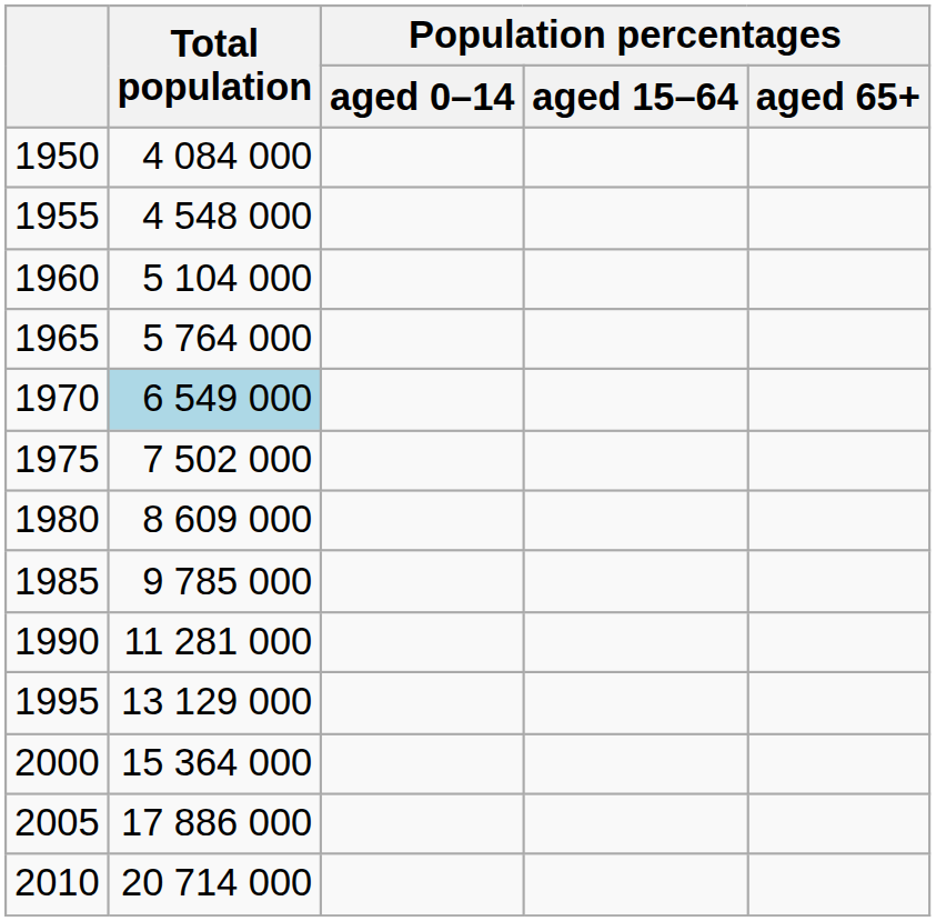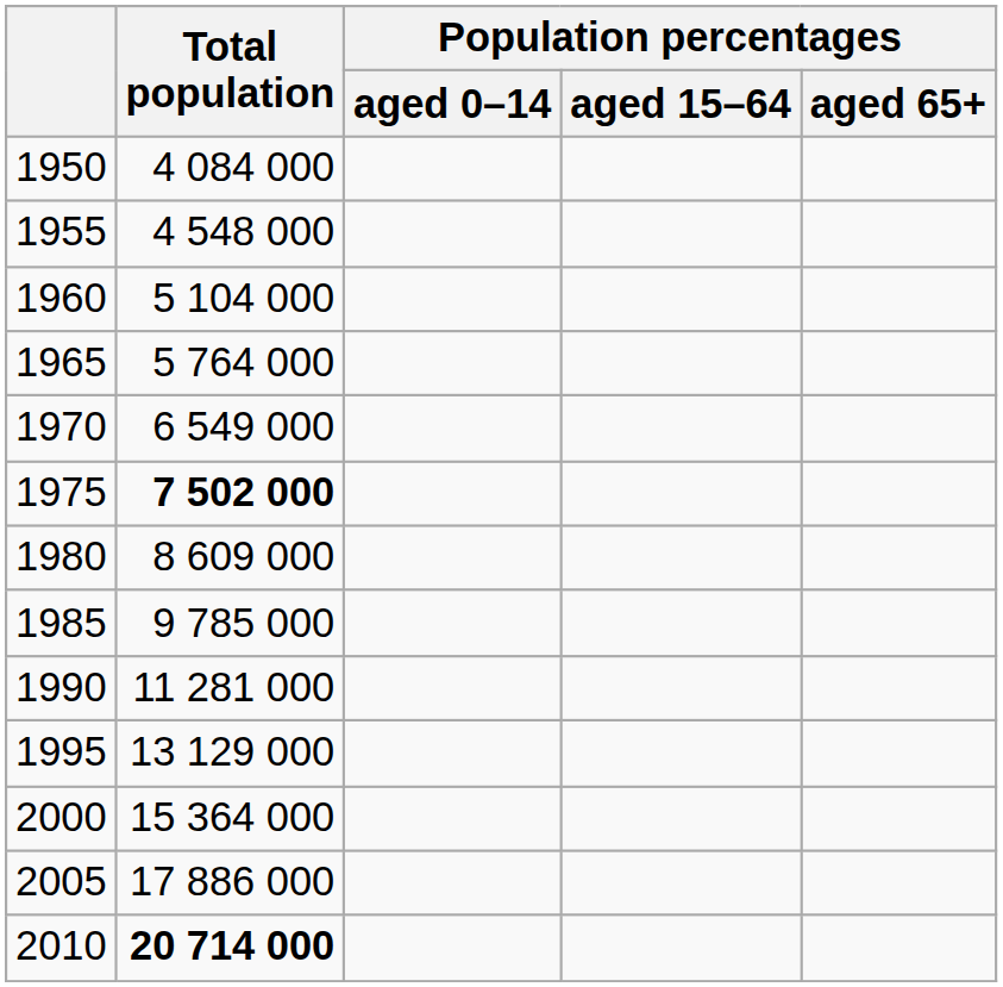 <table class="wikitable" style="text-align:right;">
 <tr>
 <th rowspan="2"></th>
 <th rowspan="2">Total<br>population</th>
 <th colspan="3">Population percentages</th>
 </tr>
 <tr>
 <th>aged 0–14</th>
 <th>aged 15–64</th>
 <th>aged 65+</th>
 </tr>
 <tr>
 <td>1950</td>
 <td>4 084 000</td>
 <td></td>
 <td></td>
 <td></td>
 </tr>
 <tr>
 <td>1955</td>
 <td>4 548 000</td>
 <td></td>
 <td></td>
 <td></td>
 </tr>
 <tr>
 <td>1960</td>
 <td>5 104 000</td>
 <td></td>
 <td></td>
 <td></td>
 </tr>
 <tr>
 <td>1965</td>
 <td>5 764 000</td>
 <td></td>
 <td></td>
 <td></td>
 </tr>
 <tr>
 <td>1970</td>
-<td style="background: lightblue;">6 549 000</td>
+<td>6 549 000</td>
 <td></td>
 <td></td>
 <td></td>
 </tr>
 <tr>
 <td>1975</td>
-<td>7 502 000</td>
+<td><strong>7 502 000</strong></td>
 <td></td>
 <td></td>
 <td></td>
 </tr>
 <tr>
 <td>1980</td>
 <td>8 609 000</td>
 <td></td>
 <td></td>
 <td></td>
 </tr>
 <tr>
 <td>1985</td>
 <td>9 785 000</td>
 <td></td>
 <td></td>
 <td></td>
 </tr>
 <tr>
 <td>1990</td>
 <td>11 281 000</td>
 <td></td>
 <td></td>
 <td></td>
 </tr>
 <tr>
 <td>1995</td>
 <td>13 129 000</td>
 <td></td>
 <td></td>
 <td></td>
 </tr>
 <tr>
 <td>2000</td>
 <td>15 364 000</td>
 <td></td>
 <td></td>
 <td></td>
 </tr>
 <tr>
 <td>2005</td>
 <td>17 886 000</td>
 <td></td>
 <td></td>
 <td></td>
 </tr>
 <tr>
 <td>2010</td>
-<td>20 714 000</td>
+<td><strong>20 714 000</strong></td>
 <td></td>
 <td></td>
 <td></td>
 </tr>
 </table>
